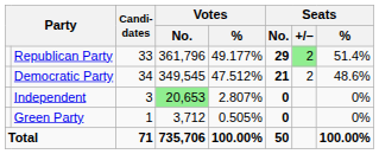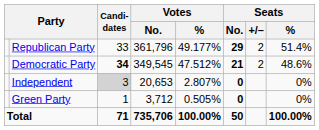 <table class="wikitable" style="font-size:100%; text-align:right;">
 <tr>
 <th colspan=2 rowspan=2>Party</th>
 <th rowspan=2><small>Candi-<br>dates</small></th>
 <th colspan=2>Votes</th>
 <th colspan=3>Seats</th>
 </tr>
 <tr>
 <th>No.</th>
 <th>%</th>
 <th>No.</th>
 <th>+/–</th>
 <th>%</th>
 </tr>
 <tr>
 <td style="background:"></td>
 <td align=left><a href='#'>Republican Party</a></td>
 <td>33</td>
 <td>361,796</td>
 <td>49.177%</td>
 <td><strong>29</strong></td>
-<td style="background: lightgreen;">2</td>
+<td>2</td>
 <td>51.4%</td>
 </tr>
 <tr>
 <td style="background:"></td>
 <td align=left><a href='#'>Democratic Party</a></td>
-<td>34</td>
+<td><strong>34</strong></td>
 <td>349,545</td>
 <td>47.512%</td>
 <td><strong>21</strong></td>
 <td>2</td>
 <td>48.6%</td>
 </tr>
 <tr>
 <td style="background:"></td>
 <td align=left><a href='#'>Independent</a></td>
-<td>3</td>
-<td style="background: lightgreen;">20,653</td>
+<td style="background: lightgrey;">3</td>
+<td>20,653</td>
 <td>2.807%</td>
 <td><strong>0</strong></td>
 <td></td>
 <td>0%</td>
 </tr>
 <tr>
 <td style="background:"></td>
 <td align=left><a href='#'>Green Party</a></td>
 <td>1</td>
 <td>3,712</td>
 <td>0.505%</td>
 <td><strong>0</strong></td>
 <td></td>
 <td>0%</td>
 </tr>
 <tr style="font-weight:bold">
 <td colspan=2 align=left>Total</td>
 <td>71</td>
 <td>735,706</td>
 <td>100.00%</td>
 <td>50</td>
 <td></td>
 <td>100.00%</td>
 </tr>
 </table>
